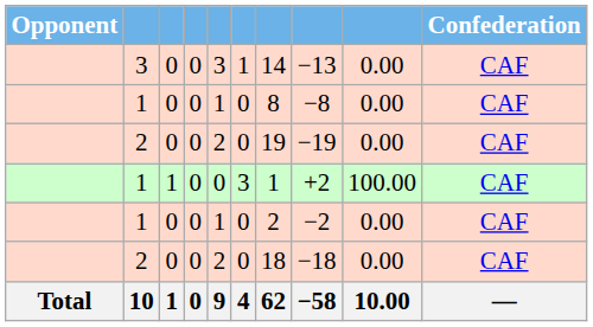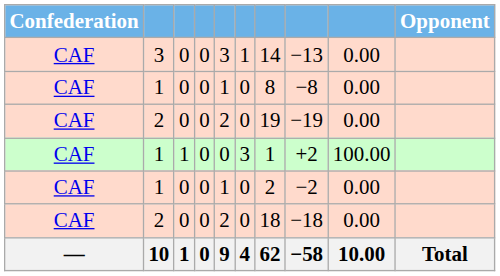 <table class="wikitable sortable" style="text-align:center;">
 <tr style="color:white">
-<th style="background-color:#6AB2E7;color:white">Opponent</th>
+<th style="background-color:#6AB2E7;color:white">Confederation</th>
 <th style="background-color:#6AB2E7;"></th>
 <th style="background-color:#6AB2E7;"></th>
 <th style="background-color:#6AB2E7;"></th>
 <th style="background-color:#6AB2E7;"></th>
 <th style="background-color:#6AB2E7;"></th>
 <th style="background-color:#6AB2E7;"></th>
 <th style="background-color:#6AB2E7;"></th>
 <th style="background-color:#6AB2E7;"></th>
-<th style="background-color:#6AB2E7;color:white">Confederation</th>
+<th style="background-color:#6AB2E7;color:white">Opponent</th>
 </tr>
 <tr bgcolor=FFDACC>
-<td style="text-align:left;"></td>
+<td><a href='#'>CAF</a></td>
 <td>3</td>
 <td>0</td>
 <td>0</td>
 <td>3</td>
 <td>1</td>
 <td>14</td>
 <td>−13</td>
 <td>0.00</td>
-<td><a href='#'>CAF</a></td>
+<td style="text-align:left;"></td>
 </tr>
 <tr bgcolor=FFDACC>
-<td style="text-align:left;"></td>
+<td><a href='#'>CAF</a></td>
 <td>1</td>
 <td>0</td>
 <td>0</td>
 <td>1</td>
 <td>0</td>
 <td>8</td>
 <td>−8</td>
 <td>0.00</td>
-<td><a href='#'>CAF</a></td>
+<td style="text-align:left;"></td>
 </tr>
 <tr bgcolor=FFDACC>
-<td style="text-align:left;"></td>
+<td><a href='#'>CAF</a></td>
 <td>2</td>
 <td>0</td>
 <td>0</td>
 <td>2</td>
 <td>0</td>
 <td>19</td>
 <td>−19</td>
 <td>0.00</td>
-<td><a href='#'>CAF</a></td>
+<td style="text-align:left;"></td>
 </tr>
 <tr bgcolor=CCFFCC>
-<td style="text-align:left;"></td>
+<td><a href='#'>CAF</a></td>
 <td>1</td>
 <td>1</td>
 <td>0</td>
 <td>0</td>
 <td>3</td>
 <td>1</td>
 <td>+2</td>
 <td>100.00</td>
-<td><a href='#'>CAF</a></td>
+<td style="text-align:left;"></td>
 </tr>
 <tr bgcolor=FFDACC>
-<td style="text-align:left;"></td>
+<td><a href='#'>CAF</a></td>
 <td>1</td>
 <td>0</td>
 <td>0</td>
 <td>1</td>
 <td>0</td>
 <td>2</td>
 <td>−2</td>
 <td>0.00</td>
-<td><a href='#'>CAF</a></td>
+<td style="text-align:left;"></td>
 </tr>
 <tr bgcolor=FFDACC>
-<td style="text-align:left;"></td>
+<td><a href='#'>CAF</a></td>
 <td>2</td>
 <td>0</td>
 <td>0</td>
 <td>2</td>
 <td>0</td>
 <td>18</td>
 <td>−18</td>
 <td>0.00</td>
-<td><a href='#'>CAF</a></td>
+<td style="text-align:left;"></td>
 </tr>
 <tr>
-<th>Total</th>
+<th>—</th>
 <th>10</th>
 <th>1</th>
 <th>0</th>
 <th>9</th>
 <th>4</th>
 <th>62</th>
 <th>−58</th>
 <th>10.00</th>
-<th>—</th>
+<th>Total</th>
 </tr>
 </table>
